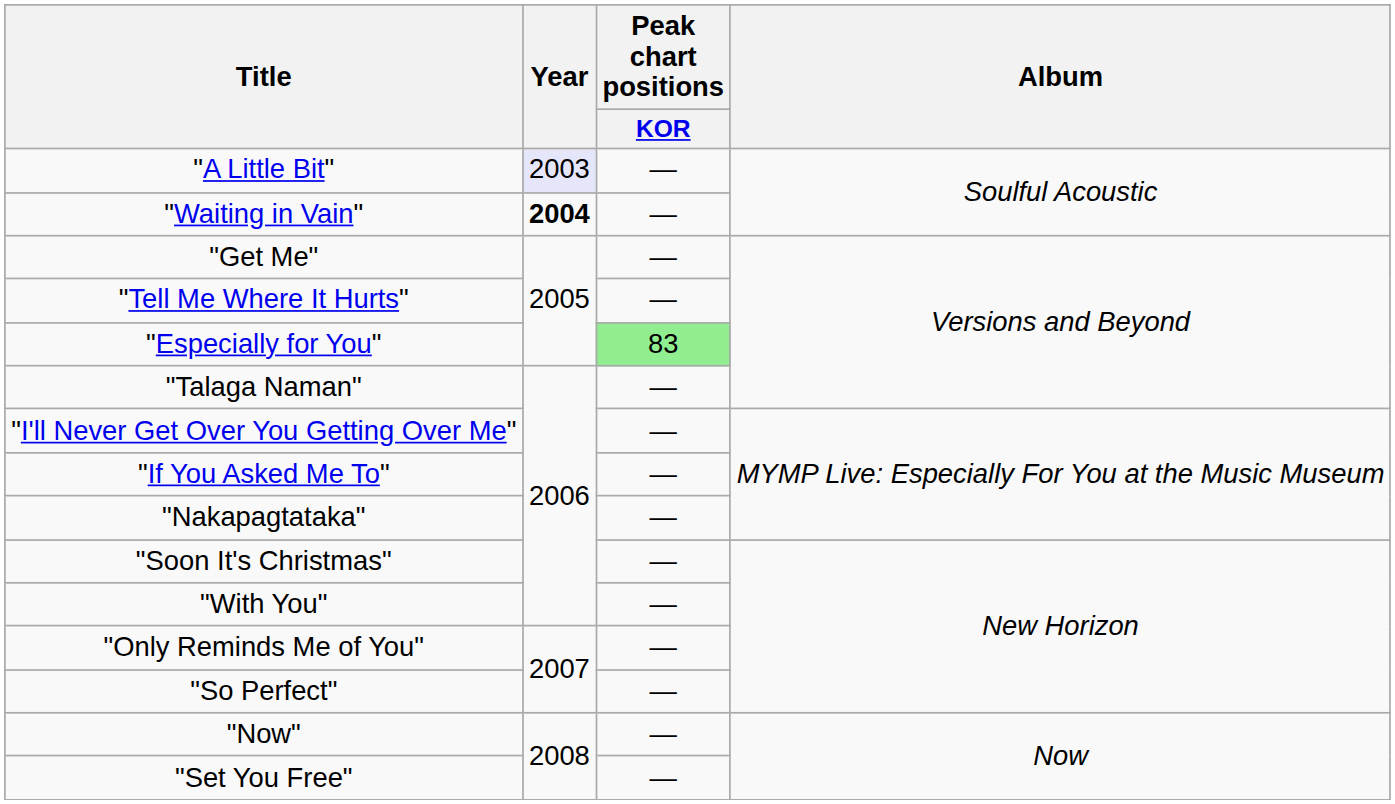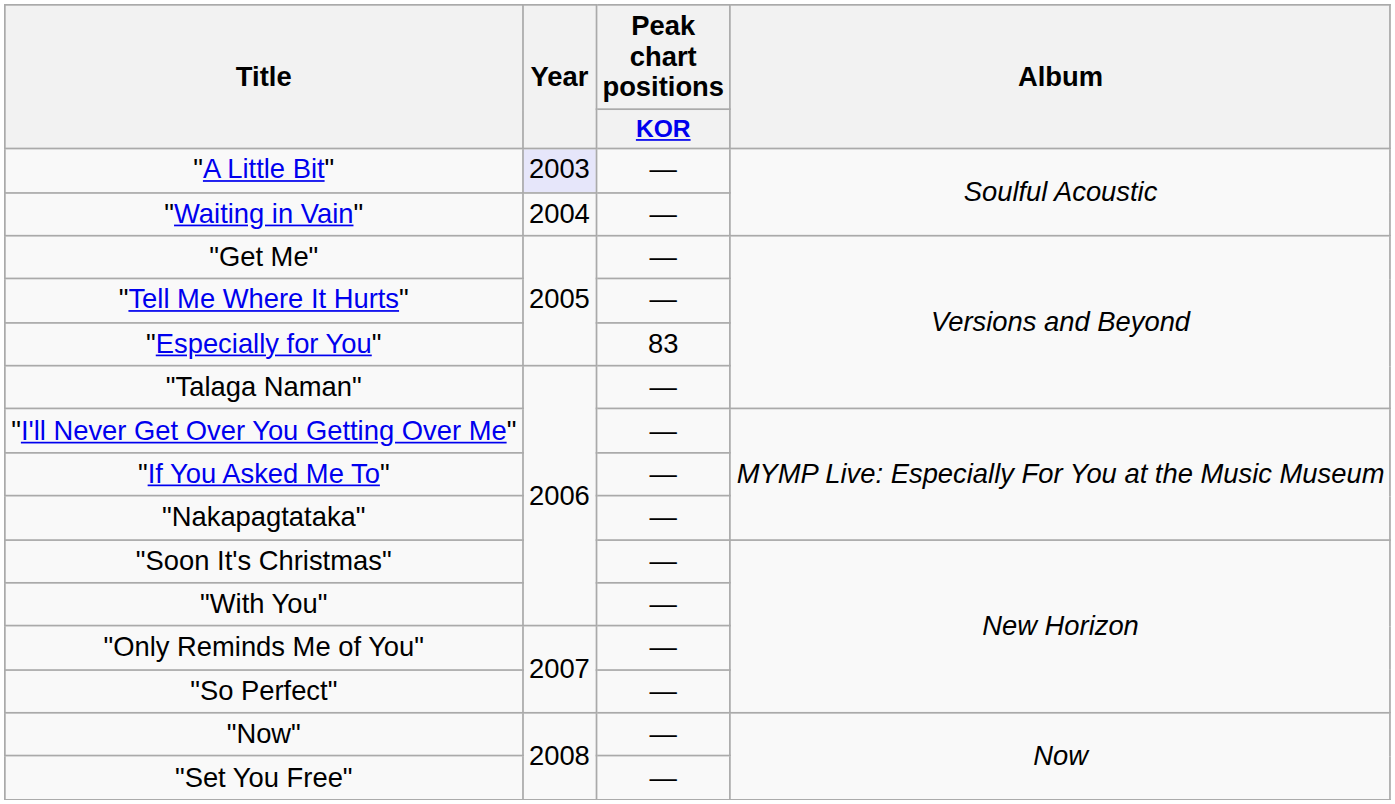 <table class="wikitable plainrowheaders" style="text-align:center;">
 <tr>
 <th scope="col" rowspan="2">Title</th>
 <th scope="col" rowspan="2">Year</th>
 <th scope="col" colspan="1">Peak chart positions</th>
 <th scope="col" rowspan="2">Album</th>
 </tr>
 <tr>
 <th scope="col" style="font-size:90%; width:3em"><a href='#'>KOR</a><br></th>
 </tr>
 <tr>
 <td>"<a href='#'>A Little Bit</a>"</td>
 <td style="background: lavender;">2003</td>
 <td>—</td>
 <td rowspan="2"><em>Soulful Acoustic</em></td>
 </tr>
 <tr>
 <td>"<a href='#'>Waiting in Vain</a>"</td>
-<td><strong>2004</strong></td>
+<td>2004</td>
 <td>—</td>
 </tr>
 <tr>
 <td>"Get Me"</td>
 <td rowspan="3">2005</td>
 <td>—</td>
 <td rowspan="4"><em>Versions and Beyond</em></td>
 </tr>
 <tr>
 <td>"<a href='#'>Tell Me Where It Hurts</a>"</td>
 <td>—</td>
 </tr>
 <tr>
 <td>"<a href='#'>Especially for You</a>"</td>
-<td style="background: lightgreen;">83</td>
+<td>83</td>
 </tr>
 <tr>
 <td>"Talaga Naman"</td>
 <td rowspan="6">2006</td>
 <td>—</td>
 </tr>
 <tr>
 <td>"<a href='#'>I'll Never Get Over You Getting Over Me</a>"</td>
 <td>—</td>
 <td rowspan="3"><em>MYMP Live: Especially For You at the Music Museum</em></td>
 </tr>
 <tr>
 <td>"<a href='#'>If You Asked Me To</a>"</td>
 <td>—</td>
 </tr>
 <tr>
 <td>"Nakapagtataka"</td>
 <td>—</td>
 </tr>
 <tr>
 <td>"Soon It's Christmas"</td>
 <td>—</td>
 <td rowspan="4"><em>New Horizon</em></td>
 </tr>
 <tr>
 <td>"With You"</td>
 <td>—</td>
 </tr>
 <tr>
 <td>"Only Reminds Me of You"</td>
 <td rowspan="2">2007</td>
 <td>—</td>
 </tr>
 <tr>
 <td>"So Perfect"</td>
 <td>—</td>
 </tr>
 <tr>
 <td>"Now"</td>
 <td rowspan="2">2008</td>
 <td>—</td>
 <td rowspan="2"><em>Now</em></td>
 </tr>
 <tr>
 <td>"Set You Free"</td>
 <td>—</td>
 </tr>
 <tr>
 </tr>
 </table>
